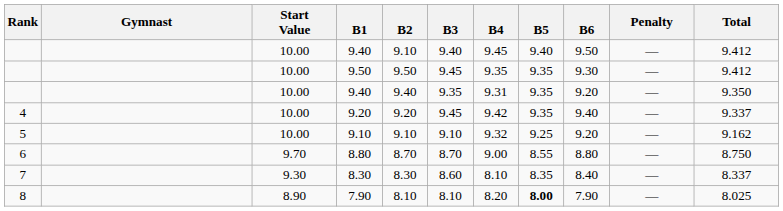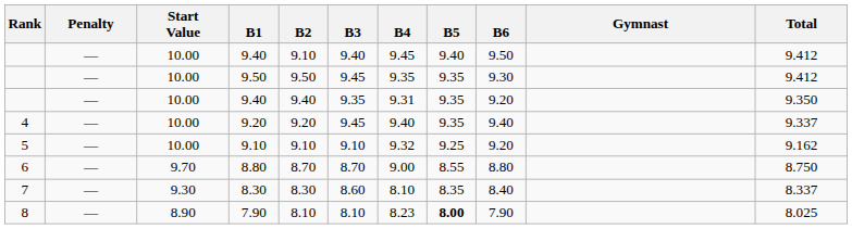 <table class="wikitable" style="text-align:center">
 <tr>
 <th>Rank</th>
-<th width=250>Gymnast</th>
+<th style="width:6em">Penalty</th>
 <th style="width:6em">Start<br>Value</th>
 <th style="vertical-align:bottom; width:3em">B1</th>
 <th style="vertical-align:bottom; width:3em">B2</th>
 <th style="vertical-align:bottom; width:3em">B3</th>
 <th style="vertical-align:bottom; width:3em">B4</th>
 <th style="vertical-align:bottom; width:3em">B5</th>
 <th style="vertical-align:bottom; width:3em">B6</th>
-<th style="width:6em">Penalty</th>
+<th width=250>Gymnast</th>
 <th style="width:6em">Total</th>
 </tr>
 <tr>
 <td></td>
-<td align=left></td>
+<td>—</td>
 <td>10.00</td>
 <td>9.40</td>
 <td>9.10</td>
 <td>9.40</td>
 <td>9.45</td>
 <td>9.40</td>
 <td>9.50</td>
-<td>—</td>
+<td align=left></td>
 <td>9.412</td>
 </tr>
 <tr>
 <td></td>
-<td align=left></td>
+<td>—</td>
 <td>10.00</td>
 <td>9.50</td>
 <td>9.50</td>
 <td>9.45</td>
 <td>9.35</td>
 <td>9.35</td>
 <td>9.30</td>
-<td>—</td>
+<td align=left></td>
 <td>9.412</td>
 </tr>
 <tr>
 <td></td>
-<td align=left></td>
+<td>—</td>
 <td>10.00</td>
 <td>9.40</td>
 <td>9.40</td>
 <td>9.35</td>
 <td>9.31</td>
 <td>9.35</td>
 <td>9.20</td>
-<td>—</td>
+<td align=left></td>
 <td>9.350</td>
 </tr>
 <tr>
 <td>4</td>
-<td align=left></td>
+<td>—</td>
 <td>10.00</td>
 <td>9.20</td>
 <td>9.20</td>
 <td>9.45</td>
-<td>9.42</td>
+<td>9.40</td>
 <td>9.35</td>
 <td>9.40</td>
-<td>—</td>
+<td align=left></td>
 <td>9.337</td>
 </tr>
 <tr>
 <td>5</td>
-<td align=left></td>
+<td>—</td>
 <td>10.00</td>
 <td>9.10</td>
 <td>9.10</td>
 <td>9.10</td>
 <td>9.32</td>
 <td>9.25</td>
 <td>9.20</td>
-<td>—</td>
+<td align=left></td>
 <td>9.162</td>
 </tr>
 <tr>
 <td>6</td>
-<td align=left></td>
+<td>—</td>
 <td>9.70</td>
 <td>8.80</td>
 <td>8.70</td>
 <td>8.70</td>
 <td>9.00</td>
 <td>8.55</td>
 <td>8.80</td>
-<td>—</td>
+<td align=left></td>
 <td>8.750</td>
 </tr>
 <tr>
 <td>7</td>
-<td align=left></td>
+<td>—</td>
 <td>9.30</td>
 <td>8.30</td>
 <td>8.30</td>
 <td>8.60</td>
 <td>8.10</td>
 <td>8.35</td>
 <td>8.40</td>
-<td>—</td>
+<td align=left></td>
 <td>8.337</td>
 </tr>
 <tr>
 <td>8</td>
-<td align=left></td>
+<td>—</td>
 <td>8.90</td>
 <td>7.90</td>
 <td>8.10</td>
 <td>8.10</td>
-<td>8.20</td>
+<td>8.23</td>
 <td><strong>8.00</strong></td>
 <td>7.90</td>
-<td>—</td>
+<td align=left></td>
 <td>8.025</td>
 </tr>
 </table>
